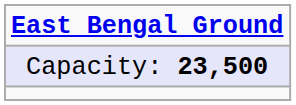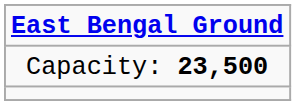 <table class="wikitable" style="text-align:center;">
 <tr>
 <td><strong><a href='#'>East Bengal Ground</a></strong></td>
 </tr>
 <tr>
-<td style="background: lavender;">Capacity: <strong>23,500</strong></td>
+<td>Capacity: <strong>23,500</strong></td>
 </tr>
 <tr>
 <td></td>
 </tr>
 </table>
